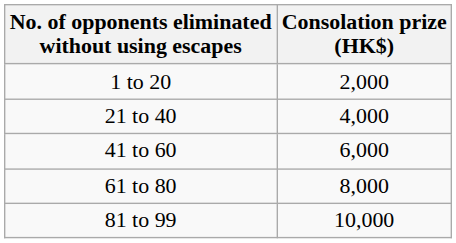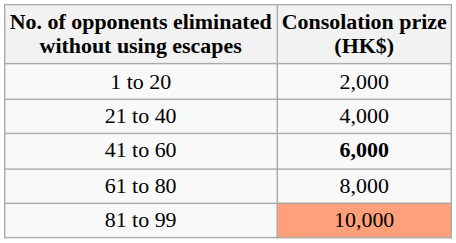 <table class="wikitable" style="text-align:center">
 <tr>
 <th>No. of opponents eliminated<br>without using escapes</th>
 <th>Consolation prize<br>(HK$)</th>
 </tr>
 <tr>
 <td>1 to 20</td>
 <td>2,000</td>
 </tr>
 <tr>
 <td>21 to 40</td>
 <td>4,000</td>
 </tr>
 <tr>
 <td>41 to 60</td>
-<td>6,000</td>
+<td><strong>6,000</strong></td>
 </tr>
 <tr>
 <td>61 to 80</td>
 <td>8,000</td>
 </tr>
 <tr>
 <td>81 to 99</td>
-<td>10,000</td>
+<td style="background: lightsalmon;">10,000</td>
 </tr>
 </table>
